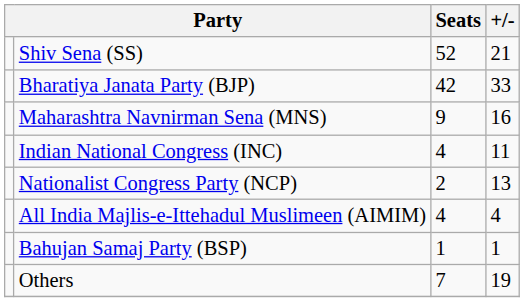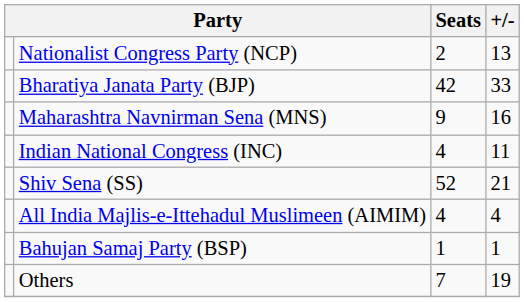 <table class="wikitable">
 <tr>
 <th colspan=2>Party</th>
 <th>Seats</th>
 <th>+/-</th>
 </tr>
 <tr>
 <td></td>
-<td><a href='#'>Shiv Sena</a> (SS)</td>
-<td>52</td>
-<td> 21</td>
+<td><a href='#'>Nationalist Congress Party</a> (NCP)</td>
+<td>2</td>
+<td> 13</td>
 </tr>
 <tr>
 <td></td>
 <td><a href='#'>Bharatiya Janata Party</a> (BJP)</td>
 <td>42</td>
 <td> 33</td>
 </tr>
 <tr>
 <td></td>
 <td><a href='#'>Maharashtra Navnirman Sena</a> (MNS)</td>
 <td>9</td>
 <td> 16</td>
 </tr>
 <tr>
 <td></td>
 <td><a href='#'>Indian National Congress</a> (INC)</td>
 <td>4</td>
 <td> 11</td>
 </tr>
 <tr>
 <td></td>
-<td><a href='#'>Nationalist Congress Party</a> (NCP)</td>
-<td>2</td>
-<td> 13</td>
+<td><a href='#'>Shiv Sena</a> (SS)</td>
+<td>52</td>
+<td> 21</td>
 </tr>
 <tr>
 <td></td>
 <td><a href='#'>All India Majlis-e-Ittehadul Muslimeen</a> (AIMIM)</td>
 <td>4</td>
 <td> 4</td>
 </tr>
 <tr>
 <td></td>
 <td><a href='#'>Bahujan Samaj Party</a> (BSP)</td>
 <td>1</td>
 <td> 1</td>
 </tr>
 <tr>
 <td></td>
 <td>Others</td>
 <td>7</td>
 <td> 19</td>
 </tr>
 <tr>
 </tr>
 </table>
